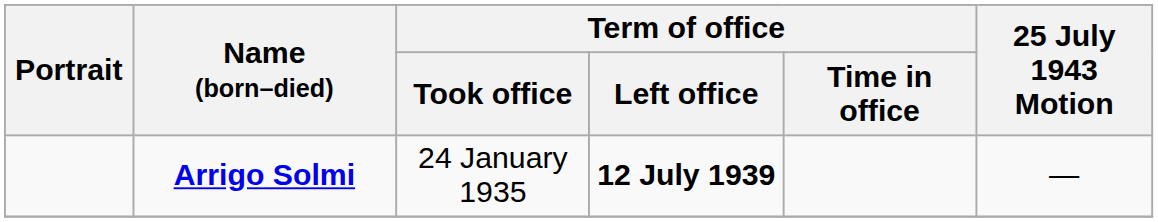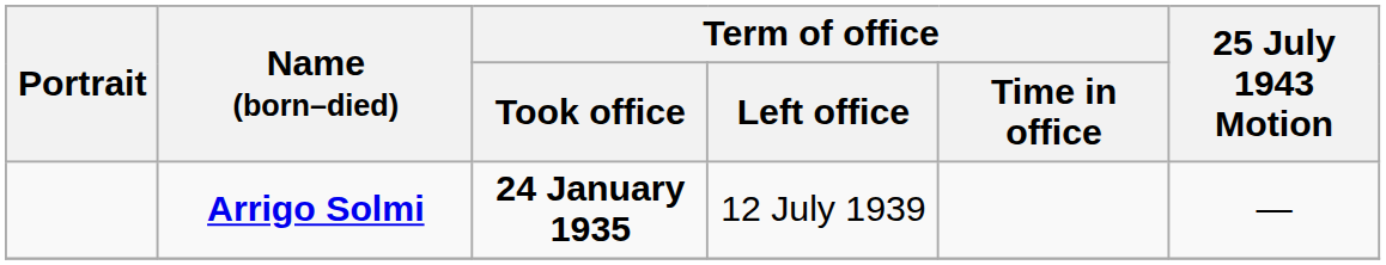 <table class="wikitable" style="text-align:center;" style="width=90%">
 <tr>
 <th width=1% rowspan=2>Portrait</th>
 <th width=15% rowspan=2>Name<br><small>(born–died)</small></th>
 <th width=30% colspan=3>Term of office</th>
 <th width=10% rowspan=2>25 July 1943 Motion</th>
 </tr>
 <tr style="text-align:center;">
 <th width=11%>Took office</th>
 <th width=11%>Left office</th>
 <th width=11%>Time in office</th>
 </tr>
 <tr>
 <td></td>
 <td><strong><a href='#'>Arrigo Solmi</a></strong><br></td>
-<td>24 January 1935</td>
-<td><strong>12 July 1939</strong></td>
+<td><strong>24 January 1935</strong></td>
+<td>12 July 1939</td>
 <td></td>
 <td align=center>—</td>
 </tr>
 <tr>
 </tr>
 </table>
